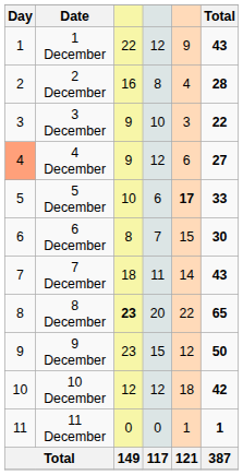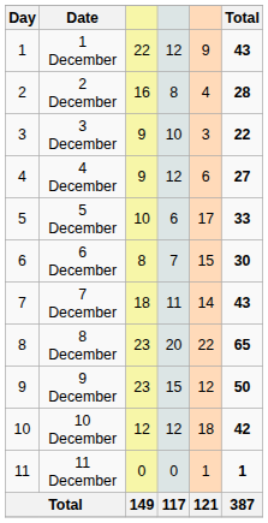 <table class="wikitable" style="font-size:110%; text-align:center;">
 <tr style="background:#efefef;">
 </tr>
 <tr>
 <th width=30><strong>Day</strong></th>
 <th width=95><strong>Date</strong></th>
 <th width=30 style="background:#F7F6A8;"></th>
 <th width=30 style="background:#DCE5E5;"></th>
 <th width=30 style="background:#FFDAB9;"></th>
 <th width=30><strong>Total</strong></th>
 </tr>
 <tr>
 <td>1</td>
 <td>1 December</td>
 <td style="background:#F7F6A8;">22</td>
 <td style="background:#DCE5E5;">12</td>
 <td style="background:#FFDAB9;">9</td>
 <td><strong>43</strong></td>
 </tr>
 <tr>
 <td>2</td>
 <td>2 December</td>
 <td style="background:#F7F6A8;">16</td>
 <td style="background:#DCE5E5;">8</td>
 <td style="background:#FFDAB9;">4</td>
 <td><strong>28</strong></td>
 </tr>
 <tr>
 <td>3</td>
 <td>3 December</td>
 <td style="background:#F7F6A8;">9</td>
 <td style="background:#DCE5E5;">10</td>
 <td style="background:#FFDAB9;">3</td>
 <td><strong>22</strong></td>
 </tr>
 <tr>
-<td style="background: lightsalmon;">4</td>
+<td>4</td>
 <td>4 December</td>
 <td style="background:#F7F6A8;">9</td>
 <td style="background:#DCE5E5;">12</td>
 <td style="background:#FFDAB9;">6</td>
 <td><strong>27</strong></td>
 </tr>
 <tr>
 <td>5</td>
 <td>5 December</td>
 <td style="background:#F7F6A8;">10</td>
 <td style="background:#DCE5E5;">6</td>
-<td style="background:#FFDAB9;"><strong>17</strong></td>
+<td style="background:#FFDAB9;">17</td>
 <td><strong>33</strong></td>
 </tr>
 <tr>
 <td>6</td>
 <td>6 December</td>
 <td style="background:#F7F6A8;">8</td>
 <td style="background:#DCE5E5;">7</td>
 <td style="background:#FFDAB9;">15</td>
 <td><strong>30</strong></td>
 </tr>
 <tr>
 <td>7</td>
 <td>7 December</td>
 <td style="background:#F7F6A8;">18</td>
 <td style="background:#DCE5E5;">11</td>
 <td style="background:#FFDAB9;">14</td>
 <td><strong>43</strong></td>
 </tr>
 <tr>
 <td>8</td>
 <td>8 December</td>
-<td style="background:#F7F6A8;"><strong>23</strong></td>
+<td style="background:#F7F6A8;">23</td>
 <td style="background:#DCE5E5;">20</td>
 <td style="background:#FFDAB9;">22</td>
 <td><strong>65</strong></td>
 </tr>
 <tr>
 <td>9</td>
 <td>9 December</td>
 <td style="background:#F7F6A8;">23</td>
 <td style="background:#DCE5E5;">15</td>
 <td style="background:#FFDAB9;">12</td>
 <td><strong>50</strong></td>
 </tr>
 <tr>
 <td>10</td>
 <td>10 December</td>
 <td style="background:#F7F6A8;">12</td>
 <td style="background:#DCE5E5;">12</td>
 <td style="background:#FFDAB9;">18</td>
 <td><strong>42</strong></td>
 </tr>
 <tr>
 <td>11</td>
 <td>11 December</td>
 <td style="background:#F7F6A8;">0</td>
 <td style="background:#DCE5E5;">0</td>
 <td style="background:#FFDAB9;">1</td>
 <td><strong>1</strong></td>
 </tr>
 <tr>
 <th colspan="2">Total</th>
 <th>149</th>
 <th>117</th>
 <th>121</th>
 <th>387</th>
 </tr>
 <tr>
 </tr>
 </table>
